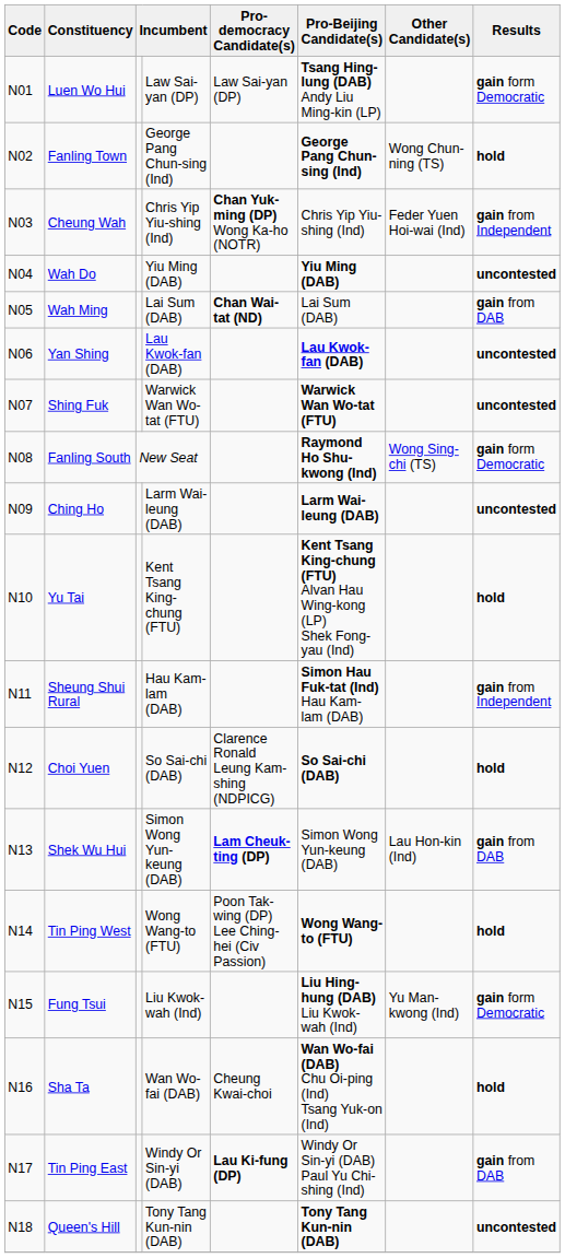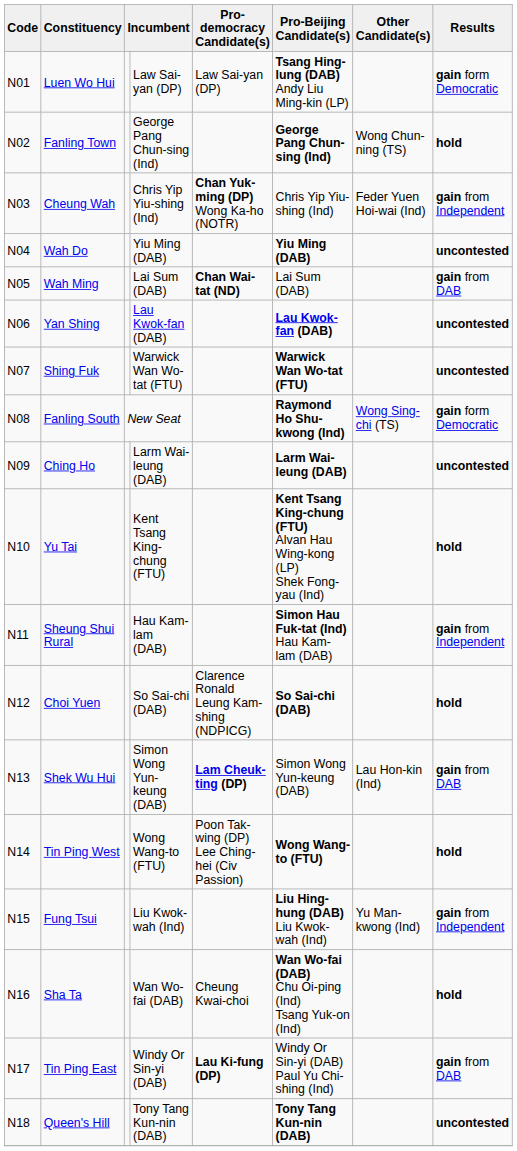 <table class="wikitable sortable" style="font-size: 95%;">
 <tr>
 <th align="center" style="background:#f0f0f0;" width="20px"><strong>Code</strong></th>
 <th align="center" style="background:#f0f0f0;" width="90px"><strong>Constituency</strong></th>
 <th align="center" style="background:#f0f0f0;" width="120px" colspan="2"><strong>Incumbent</strong></th>
 <th align="center" style="background:#f0f0f0;" width="160px"><strong>Pro-democracy Candidate(s)</strong></th>
 <th align="center" style="background:#f0f0f0;" width="160px"><strong>Pro-Beijing Candidate(s)</strong></th>
 <th align="center" style="background:#f0f0f0;" width="160px"><strong>Other Candidate(s)</strong></th>
 <th align="center" style="background:#f0f0f0;" width="100px" colspan="2"><strong>Results</strong></th>
 </tr>
 <tr>
 <td>N01</td>
 <td><a href='#'>Luen Wo Hui</a></td>
 <td></td>
 <td>Law Sai-yan (DP)</td>
 <td>Law Sai-yan (DP)</td>
 <td><strong>Tsang Hing-lung (DAB)</strong><br>Andy Liu Ming-kin (LP)</td>
 <td></td>
 <td> <strong>gain</strong> form <a href='#'>Democratic</a></td>
 </tr>
 <tr>
 <td>N02</td>
 <td><a href='#'>Fanling Town</a></td>
 <td></td>
 <td>George Pang Chun-sing (Ind)</td>
 <td></td>
 <td><strong>George Pang Chun-sing (Ind)</strong></td>
 <td>Wong Chun-ning (TS)</td>
 <td> <strong>hold</strong></td>
 </tr>
 <tr>
 <td>N03</td>
 <td><a href='#'>Cheung Wah</a></td>
 <td></td>
 <td>Chris Yip Yiu-shing (Ind)</td>
 <td><strong>Chan Yuk-ming (DP)</strong><br>Wong Ka-ho (NOTR)</td>
 <td>Chris Yip Yiu-shing (Ind)</td>
 <td>Feder Yuen Hoi-wai (Ind)</td>
 <td> <strong>gain</strong> from <a href='#'>Independent</a></td>
 </tr>
 <tr>
 <td>N04</td>
 <td><a href='#'>Wah Do</a></td>
 <td></td>
 <td>Yiu Ming (DAB)</td>
 <td></td>
 <td><strong>Yiu Ming (DAB)</strong></td>
 <td></td>
 <td> <strong>uncontested</strong></td>
 </tr>
 <tr>
 <td>N05</td>
 <td><a href='#'>Wah Ming</a></td>
 <td></td>
 <td>Lai Sum (DAB)</td>
 <td><strong>Chan Wai-tat (ND)</strong></td>
 <td>Lai Sum (DAB)</td>
 <td></td>
 <td> <strong>gain</strong> from <a href='#'>DAB</a></td>
 </tr>
 <tr>
 <td>N06</td>
 <td><a href='#'>Yan Shing</a></td>
 <td></td>
 <td><a href='#'>Lau Kwok-fan</a> (DAB)</td>
 <td></td>
 <td><strong><a href='#'>Lau Kwok-fan</a> (DAB) </strong></td>
 <td></td>
 <td> <strong>uncontested</strong></td>
 </tr>
 <tr>
 <td>N07</td>
 <td><a href='#'>Shing Fuk</a></td>
 <td></td>
 <td>Warwick Wan Wo-tat (FTU)</td>
 <td></td>
 <td><strong>Warwick Wan Wo-tat (FTU)</strong></td>
 <td></td>
 <td> <strong>uncontested</strong></td>
 </tr>
 <tr>
 <td>N08</td>
 <td><a href='#'>Fanling South</a></td>
 <td colspan=2><em>New Seat</em></td>
 <td></td>
 <td><strong>Raymond Ho Shu-kwong (Ind)</strong></td>
 <td><a href='#'>Wong Sing-chi</a> (TS)</td>
 <td> <strong>gain</strong> form <a href='#'>Democratic</a></td>
 </tr>
 <tr>
 <td>N09</td>
 <td><a href='#'>Ching Ho</a></td>
 <td></td>
 <td>Larm Wai-leung (DAB)</td>
 <td></td>
 <td><strong>Larm Wai-leung (DAB)</strong></td>
 <td></td>
 <td> <strong>uncontested</strong></td>
 </tr>
 <tr>
 <td>N10</td>
 <td><a href='#'>Yu Tai</a></td>
 <td></td>
 <td>Kent Tsang King-chung (FTU)</td>
 <td></td>
 <td><strong>Kent Tsang King-chung (FTU)</strong><br>Alvan Hau Wing-kong (LP)<br>Shek Fong-yau (Ind)</td>
 <td></td>
 <td> <strong>hold</strong></td>
 </tr>
 <tr>
 <td>N11</td>
 <td><a href='#'>Sheung Shui Rural</a></td>
 <td></td>
 <td>Hau Kam-lam (DAB)</td>
 <td></td>
 <td><strong>Simon Hau Fuk-tat (Ind)</strong><br>Hau Kam-lam (DAB)</td>
 <td></td>
 <td> <strong>gain</strong> from <a href='#'>Independent</a></td>
 </tr>
 <tr>
 <td>N12</td>
 <td><a href='#'>Choi Yuen</a></td>
 <td></td>
 <td>So Sai-chi (DAB)</td>
 <td>Clarence Ronald Leung Kam-shing (NDPICG)</td>
 <td><strong>So Sai-chi (DAB)</strong></td>
 <td></td>
 <td> <strong>hold</strong></td>
 </tr>
 <tr>
 <td>N13</td>
 <td><a href='#'>Shek Wu Hui</a></td>
 <td></td>
 <td>Simon Wong Yun-keung (DAB)</td>
 <td><strong><a href='#'>Lam Cheuk-ting</a> (DP)</strong></td>
 <td>Simon Wong Yun-keung (DAB)</td>
 <td>Lau Hon-kin (Ind)</td>
 <td> <strong>gain</strong> from <a href='#'>DAB</a></td>
 </tr>
 <tr>
 <td>N14</td>
 <td><a href='#'>Tin Ping West</a></td>
 <td></td>
 <td>Wong Wang-to (FTU)</td>
 <td>Poon Tak-wing (DP)<br>Lee Ching-hei (Civ Passion)</td>
 <td><strong> Wong Wang-to (FTU) </strong></td>
 <td></td>
 <td> <strong>hold</strong></td>
 </tr>
 <tr>
 <td>N15</td>
 <td><a href='#'>Fung Tsui</a></td>
 <td></td>
 <td>Liu Kwok-wah (Ind)</td>
 <td></td>
 <td><strong>Liu Hing-hung (DAB)</strong><br>Liu Kwok-wah (Ind)</td>
 <td>Yu Man-kwong (Ind)</td>
-<td> <strong>gain</strong> form <a href='#'>Democratic</a></td>
+<td> <strong>gain</strong> from <a href='#'>Independent</a></td>
 </tr>
 <tr>
 <td>N16</td>
 <td><a href='#'>Sha Ta</a></td>
 <td></td>
 <td>Wan Wo-fai (DAB)</td>
 <td>Cheung Kwai-choi</td>
 <td><strong>Wan Wo-fai (DAB)</strong><br>Chu Oi-ping (Ind)<br>Tsang Yuk-on (Ind)</td>
 <td></td>
 <td> <strong>hold</strong></td>
 </tr>
 <tr>
 <td>N17</td>
 <td><a href='#'>Tin Ping East</a></td>
 <td></td>
 <td>Windy Or Sin-yi (DAB)</td>
 <td><strong>Lau Ki-fung (DP)</strong></td>
 <td>Windy Or Sin-yi (DAB) <br> Paul Yu  Chi-shing (Ind)</td>
 <td></td>
 <td> <strong>gain</strong> from <a href='#'>DAB</a></td>
 </tr>
 <tr>
 <td>N18</td>
 <td><a href='#'>Queen's Hill</a></td>
 <td></td>
 <td>Tony Tang Kun-nin (DAB)</td>
 <td></td>
 <td><strong>Tony Tang Kun-nin (DAB)</strong></td>
 <td></td>
 <td> <strong>uncontested</strong></td>
 </tr>
 <tr>
 </tr>
 </table>
